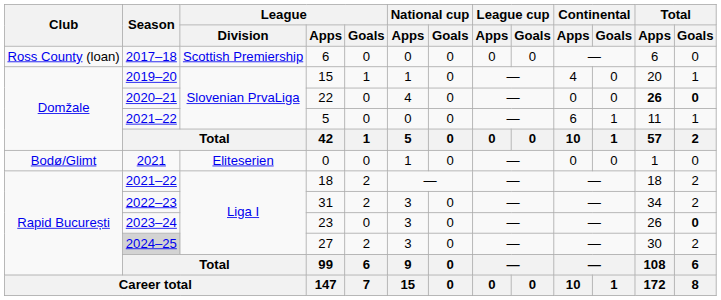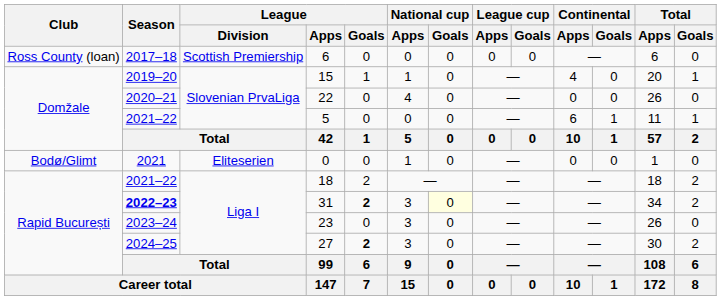 <table class="wikitable" style="text-align:center">
 <tr>
 <th rowspan="2">Club</th>
 <th rowspan="2">Season</th>
 <th colspan="3">League</th>
 <th colspan="2">National cup</th>
 <th colspan="2">League cup</th>
 <th colspan="2">Continental</th>
 <th colspan="2">Total</th>
 </tr>
 <tr>
 <th>Division</th>
 <th>Apps</th>
 <th>Goals</th>
 <th>Apps</th>
 <th>Goals</th>
 <th>Apps</th>
 <th>Goals</th>
 <th>Apps</th>
 <th>Goals</th>
 <th>Apps</th>
 <th>Goals</th>
 </tr>
 <tr>
 <td><a href='#'>Ross County</a> (loan)</td>
 <td><a href='#'>2017–18</a></td>
 <td><a href='#'>Scottish Premiership</a></td>
 <td>6</td>
 <td>0</td>
 <td>0</td>
 <td>0</td>
 <td>0</td>
 <td>0</td>
 <td colspan="2">—</td>
 <td>6</td>
 <td>0</td>
 </tr>
 <tr>
 <td rowspan="4"><a href='#'>Domžale</a></td>
 <td><a href='#'>2019–20</a></td>
 <td rowspan="3"><a href='#'>Slovenian PrvaLiga</a></td>
 <td>15</td>
 <td>1</td>
 <td>1</td>
 <td>0</td>
 <td colspan="2">—</td>
 <td>4</td>
 <td>0</td>
 <td>20</td>
 <td>1</td>
 </tr>
 <tr>
 <td><a href='#'>2020–21</a></td>
 <td>22</td>
 <td>0</td>
 <td>4</td>
 <td>0</td>
 <td colspan="2">—</td>
 <td>0</td>
 <td>0</td>
-<td><strong>26</strong></td>
-<td><strong>0</strong></td>
+<td>26</td>
+<td>0</td>
 </tr>
 <tr>
 <td><a href='#'>2021–22</a></td>
 <td>5</td>
 <td>0</td>
 <td>0</td>
 <td>0</td>
 <td colspan="2">—</td>
 <td>6</td>
 <td>1</td>
 <td>11</td>
 <td>1</td>
 </tr>
 <tr>
 <th colspan="2">Total</th>
 <th>42</th>
 <th>1</th>
 <th>5</th>
 <th>0</th>
 <th>0</th>
 <th>0</th>
 <th>10</th>
 <th>1</th>
 <th>57</th>
 <th>2</th>
 </tr>
 <tr>
 <td><a href='#'>Bodø/Glimt</a></td>
 <td><a href='#'>2021</a></td>
 <td><a href='#'>Eliteserien</a></td>
 <td>0</td>
 <td>0</td>
 <td>1</td>
 <td>0</td>
 <td colspan="2">—</td>
 <td>0</td>
 <td>0</td>
 <td>1</td>
 <td>0</td>
 </tr>
 <tr>
 <td rowspan="5"><a href='#'>Rapid București</a></td>
 <td><a href='#'>2021–22</a></td>
 <td rowspan="4"><a href='#'>Liga I</a></td>
 <td>18</td>
 <td>2</td>
 <td colspan="2">—</td>
 <td colspan="2">—</td>
 <td colspan="2">—</td>
 <td>18</td>
 <td>2</td>
 </tr>
 <tr>
-<td><a href='#'>2022–23</a></td>
+<td><strong><a href='#'>2022–23</a></strong></td>
 <td>31</td>
-<td>2</td>
+<td><strong>2</strong></td>
 <td>3</td>
-<td>0</td>
+<td style="background: lightyellow;">0</td>
 <td colspan="2">—</td>
 <td colspan="2">—</td>
 <td>34</td>
 <td>2</td>
 </tr>
 <tr>
 <td><a href='#'>2023–24</a></td>
 <td>23</td>
 <td>0</td>
 <td>3</td>
 <td>0</td>
 <td colspan="2">—</td>
 <td colspan="2">—</td>
 <td>26</td>
-<td><strong>0</strong></td>
+<td>0</td>
 </tr>
 <tr>
-<td style="background: lightgrey;"><a href='#'>2024–25</a></td>
+<td><a href='#'>2024–25</a></td>
 <td>27</td>
-<td>2</td>
+<td><strong>2</strong></td>
 <td>3</td>
 <td>0</td>
 <td colspan="2">—</td>
 <td colspan="2">—</td>
 <td>30</td>
 <td>2</td>
 </tr>
 <tr>
 <th colspan="2">Total</th>
 <th>99</th>
 <th>6</th>
 <th>9</th>
 <th>0</th>
 <th colspan="2">—</th>
 <th colspan="2">—</th>
 <th>108</th>
 <th>6</th>
 </tr>
 <tr>
 <th colspan="3">Career total</th>
 <th>147</th>
 <th>7</th>
 <th>15</th>
 <th>0</th>
 <th>0</th>
 <th>0</th>
 <th>10</th>
 <th>1</th>
 <th>172</th>
 <th>8</th>
 </tr>
 </table>
